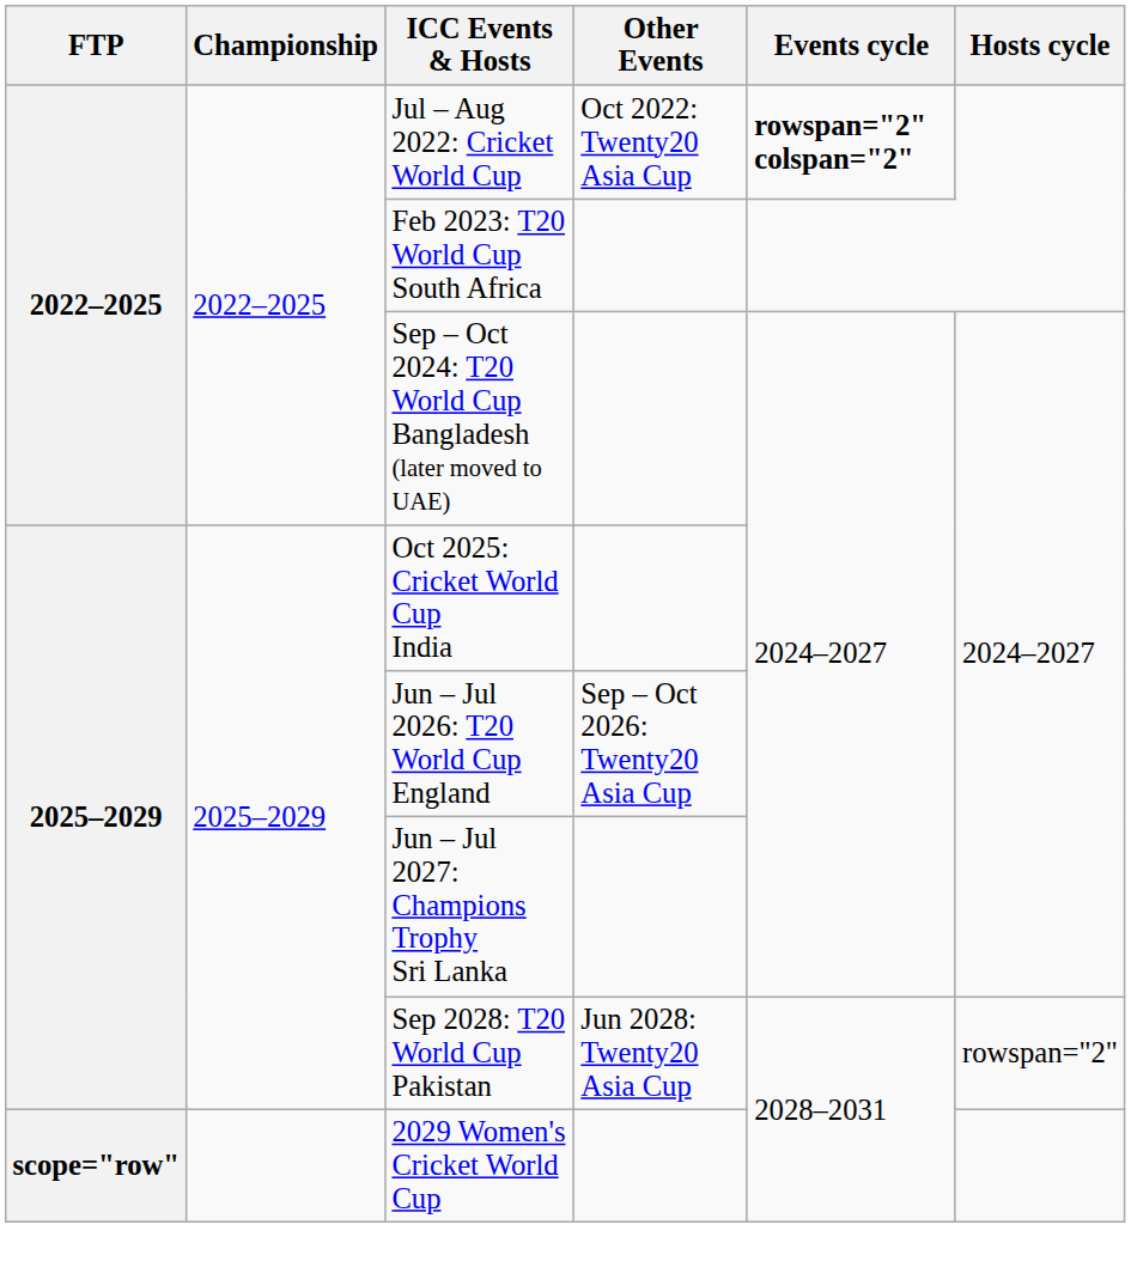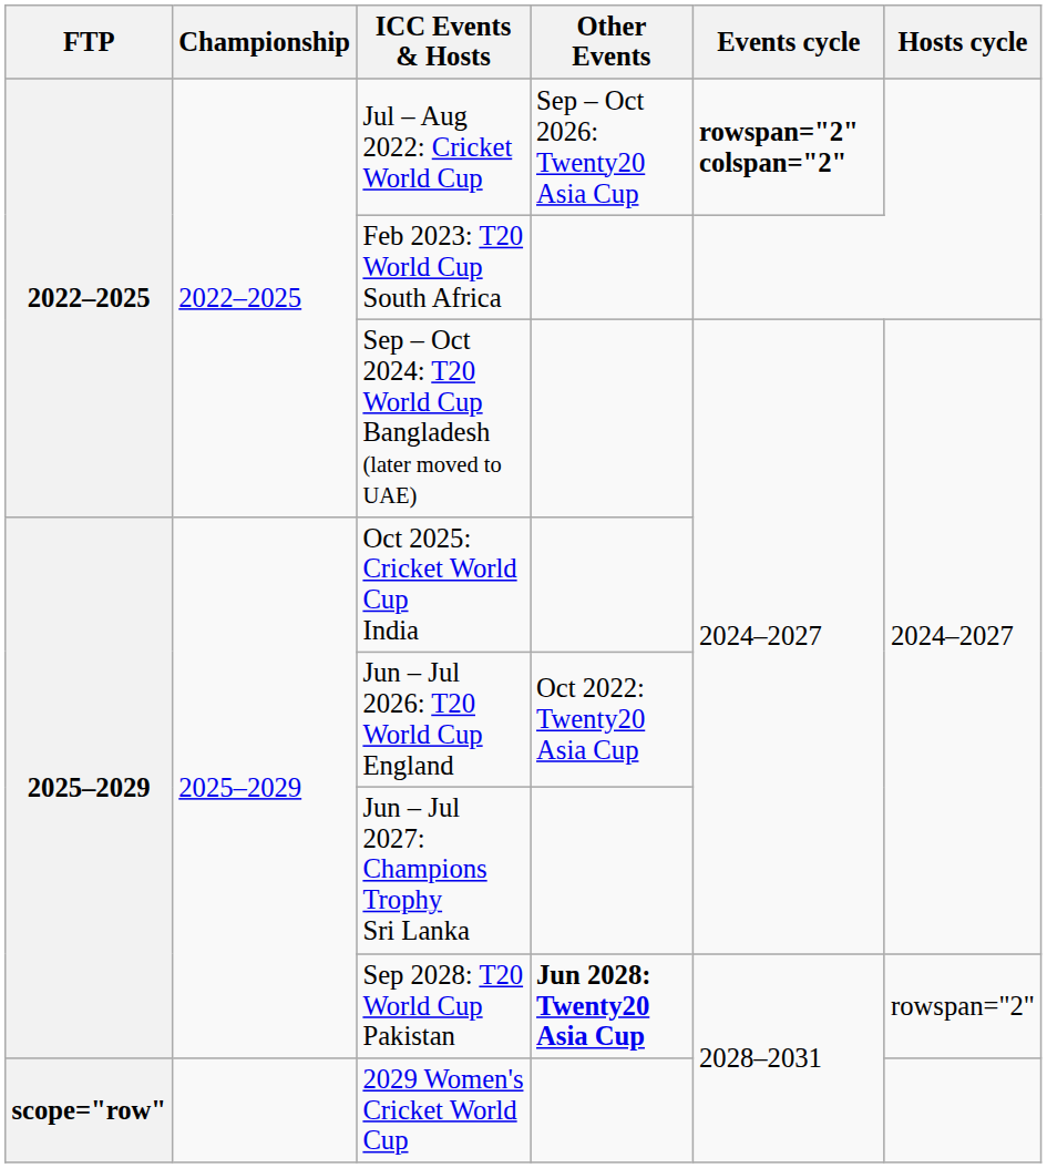 <table class="wikitable sortable">
 <tr>
 <th scope="col">FTP</th>
 <th scope="col">Championship</th>
 <th scope="col">ICC Events & Hosts</th>
 <th scope="col">Other Events</th>
 <th scope="col">Events cycle</th>
 <th scope="col">Hosts cycle</th>
 </tr>
 <tr>
 <th scope="rowgroup" rowspan="3">2022–2025</th>
 <td rowspan="3"><a href='#'>2022–2025</a></td>
 <td>Jul – Aug 2022: <a href='#'>Cricket World Cup</a></td>
-<td>Oct 2022: <a href='#'>Twenty20 Asia Cup</a></td>
+<td>Sep – Oct 2026: <a href='#'>Twenty20 Asia Cup</a></td>
 <td><strong>rowspan="2" colspan="2" </strong></td>
 </tr>
 <tr>
 <td>Feb 2023: <a href='#'>T20 World Cup</a><br>South Africa</td>
 <td></td>
 </tr>
 <tr>
 <td>Sep – Oct 2024: <a href='#'>T20 World Cup</a><br>Bangladesh<br><small>(later moved to UAE)</small></td>
 <td></td>
 <td rowspan="4">2024–2027</td>
 <td rowspan="4">2024–2027</td>
 </tr>
 <tr>
 <th scope="rowgroup" rowspan="4">2025–2029</th>
 <td rowspan="4"><a href='#'>2025–2029</a></td>
 <td>Oct 2025: <a href='#'>Cricket World Cup</a><br>India</td>
 <td></td>
 </tr>
 <tr>
 <td>Jun – Jul 2026: <a href='#'>T20 World Cup</a><br>England</td>
-<td>Sep – Oct 2026: <a href='#'>Twenty20 Asia Cup</a></td>
+<td>Oct 2022: <a href='#'>Twenty20 Asia Cup</a></td>
 </tr>
 <tr>
 <td>Jun – Jul 2027: <a href='#'>Champions Trophy</a><br>Sri Lanka</td>
 <td></td>
 </tr>
 <tr>
 <td>Sep 2028: <a href='#'>T20 World Cup</a><br>Pakistan</td>
-<td>Jun 2028: <a href='#'>Twenty20 Asia Cup</a></td>
+<td><strong>Jun 2028: <a href='#'>Twenty20 Asia Cup</a></strong></td>
 <td rowspan="2">2028–2031</td>
 <td>rowspan="2" </td>
 </tr>
 <tr>
 <th>scope="row" </th>
 <td></td>
 <td><a href='#'>2029 Women's Cricket World Cup</a></td>
 <td></td>
 </tr>
 </table>
